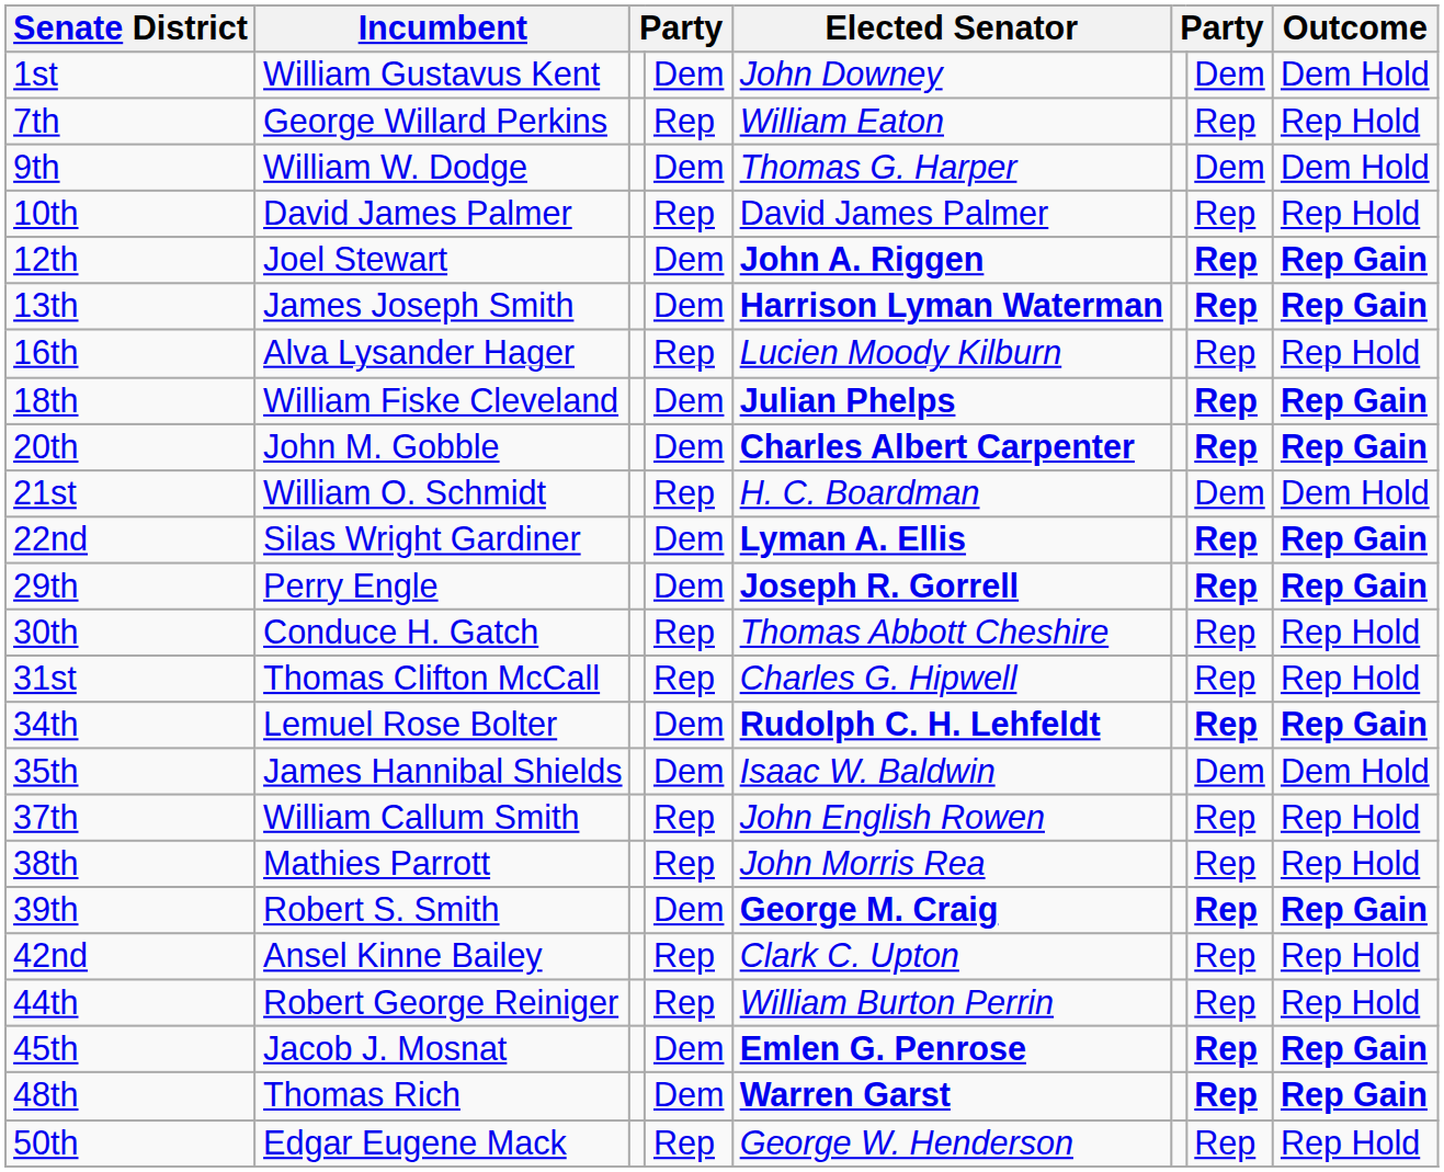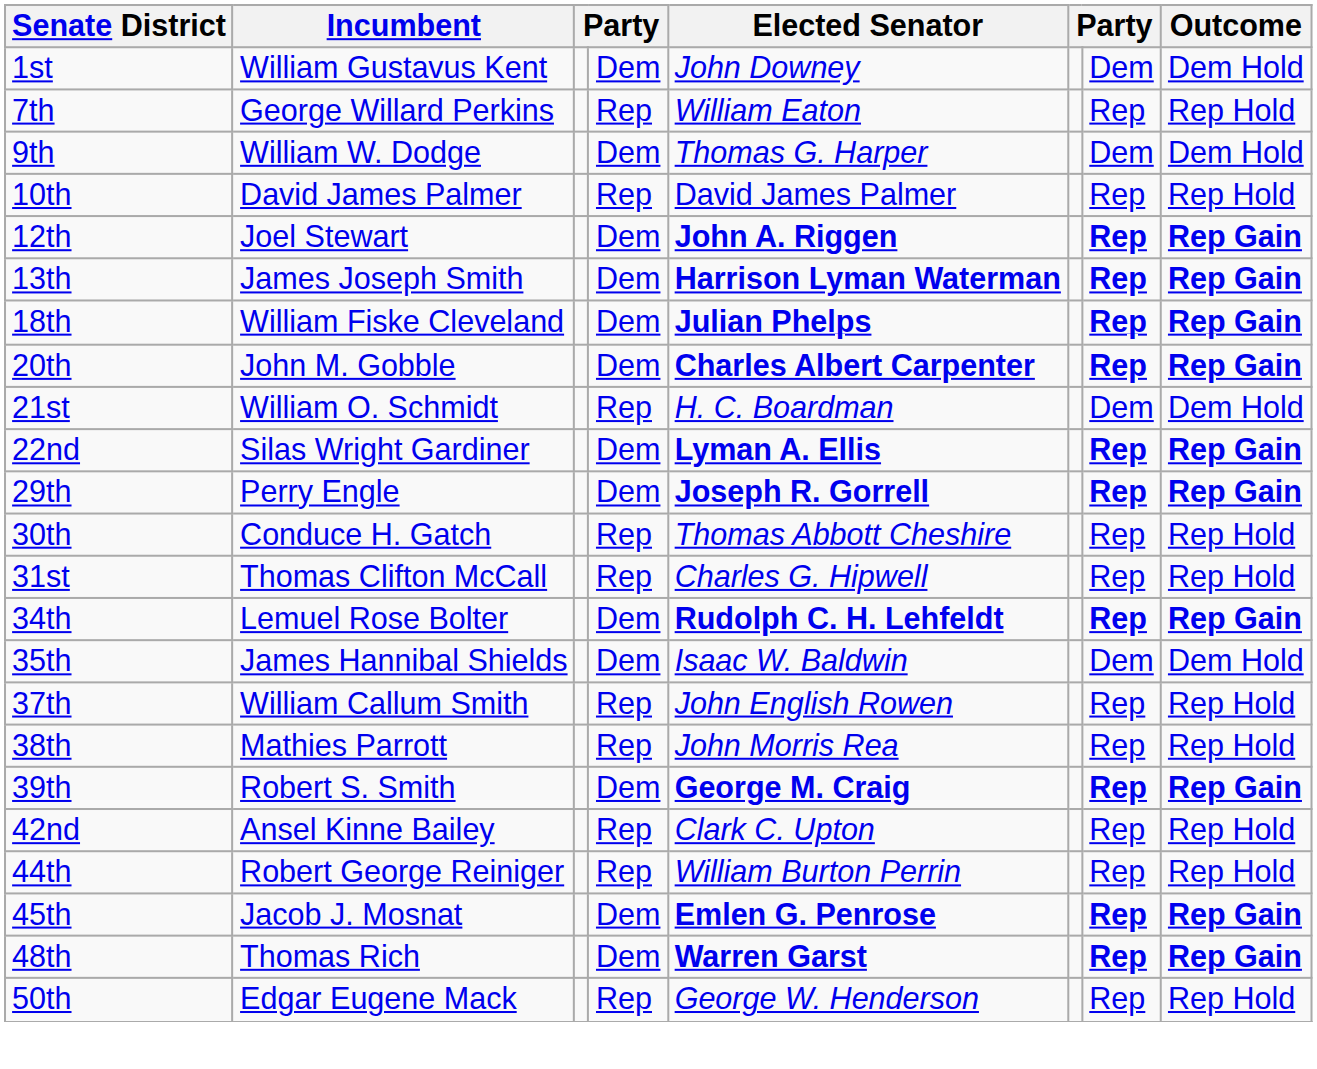 <table class="sortable wikitable" style="font-size:95%;line-height:14px;">
 <tr>
 <th class="sortable"><a href='#'>Senate</a> District</th>
 <th class="sortable"><a href='#'>Incumbent</a></th>
 <th colspan="2">Party</th>
 <th class="sortable">Elected Senator</th>
 <th colspan="2">Party</th>
 <th class="sortable">Outcome</th>
 </tr>
 <tr>
 <td><a href='#'>1st</a></td>
 <td><a href='#'>William Gustavus Kent</a></td>
 <td style="background:"></td>
 <td><a href='#'>Dem</a></td>
 <td><em><a href='#'>John Downey</a></em></td>
 <td style="background:"></td>
 <td><a href='#'>Dem</a></td>
 <td><a href='#'>Dem Hold</a></td>
 </tr>
 <tr>
 <td><a href='#'>7th</a></td>
 <td><a href='#'>George Willard Perkins</a></td>
 <td style="background:"></td>
 <td><a href='#'>Rep</a></td>
 <td><em><a href='#'>William Eaton</a></em></td>
 <td style="background:"></td>
 <td><a href='#'>Rep</a></td>
 <td><a href='#'>Rep Hold</a></td>
 </tr>
 <tr>
 <td><a href='#'>9th</a></td>
 <td><a href='#'>William W. Dodge</a></td>
 <td style="background:"></td>
 <td><a href='#'>Dem</a></td>
 <td><em><a href='#'>Thomas G. Harper</a></em></td>
 <td style="background:"></td>
 <td><a href='#'>Dem</a></td>
 <td><a href='#'>Dem Hold</a></td>
 </tr>
 <tr>
 <td><a href='#'>10th</a></td>
 <td><a href='#'>David James Palmer</a></td>
 <td style="background:"></td>
 <td><a href='#'>Rep</a></td>
 <td><a href='#'>David James Palmer</a></td>
 <td style="background:"></td>
 <td><a href='#'>Rep</a></td>
 <td><a href='#'>Rep Hold</a></td>
 </tr>
 <tr>
 <td><a href='#'>12th</a></td>
 <td><a href='#'>Joel Stewart</a></td>
 <td style="background:"></td>
 <td><a href='#'>Dem</a></td>
 <td><strong><a href='#'>John A. Riggen</a></strong></td>
 <td style="background:"></td>
 <td><strong><a href='#'>Rep</a></strong></td>
 <td><strong><a href='#'>Rep Gain</a></strong></td>
 </tr>
 <tr>
 <td><a href='#'>13th</a></td>
 <td><a href='#'>James Joseph Smith</a></td>
 <td style="background:"></td>
 <td><a href='#'>Dem</a></td>
 <td><strong><a href='#'>Harrison Lyman Waterman</a></strong></td>
 <td style="background:"></td>
 <td><strong><a href='#'>Rep</a></strong></td>
 <td><strong><a href='#'>Rep Gain</a></strong></td>
-</tr>
-<tr>
-<td><a href='#'>16th</a></td>
-<td><a href='#'>Alva Lysander Hager</a></td>
-<td style="background:"></td>
-<td><a href='#'>Rep</a></td>
-<td><em><a href='#'>Lucien Moody Kilburn</a></em></td>
-<td style="background:"></td>
-<td><a href='#'>Rep</a></td>
-<td><a href='#'>Rep Hold</a></td>
 </tr>
 <tr>
 <td><a href='#'>18th</a></td>
 <td><a href='#'>William Fiske Cleveland</a></td>
 <td style="background:"></td>
 <td><a href='#'>Dem</a></td>
 <td><strong><a href='#'>Julian Phelps</a></strong></td>
 <td style="background:"></td>
 <td><strong><a href='#'>Rep</a></strong></td>
 <td><strong><a href='#'>Rep Gain</a></strong></td>
 </tr>
 <tr>
 <td><a href='#'>20th</a></td>
 <td><a href='#'>John M. Gobble</a></td>
 <td style="background:"></td>
 <td><a href='#'>Dem</a></td>
 <td><strong><a href='#'>Charles Albert Carpenter</a></strong></td>
 <td style="background:"></td>
 <td><strong><a href='#'>Rep</a></strong></td>
 <td><strong><a href='#'>Rep Gain</a></strong></td>
 </tr>
 <tr>
 <td><a href='#'>21st</a></td>
 <td><a href='#'>William O. Schmidt</a></td>
 <td style="background:"></td>
 <td><a href='#'>Rep</a></td>
 <td><em><a href='#'>H. C. Boardman</a></em></td>
 <td style="background:"></td>
 <td><a href='#'>Dem</a></td>
 <td><a href='#'>Dem Hold</a></td>
 </tr>
 <tr>
 <td><a href='#'>22nd</a></td>
 <td><a href='#'>Silas Wright Gardiner</a></td>
 <td style="background:"></td>
 <td><a href='#'>Dem</a></td>
 <td><strong><a href='#'>Lyman A. Ellis</a></strong></td>
 <td style="background:"></td>
 <td><strong><a href='#'>Rep</a></strong></td>
 <td><strong><a href='#'>Rep Gain</a></strong></td>
 </tr>
 <tr>
 <td><a href='#'>29th</a></td>
 <td><a href='#'>Perry Engle</a></td>
 <td style="background:"></td>
 <td><a href='#'>Dem</a></td>
 <td><strong><a href='#'>Joseph R. Gorrell</a></strong></td>
 <td style="background:"></td>
 <td><strong><a href='#'>Rep</a></strong></td>
 <td><strong><a href='#'>Rep Gain</a></strong></td>
 </tr>
 <tr>
 <td><a href='#'>30th</a></td>
 <td><a href='#'>Conduce H. Gatch</a></td>
 <td style="background:"></td>
 <td><a href='#'>Rep</a></td>
 <td><em><a href='#'>Thomas Abbott Cheshire</a></em></td>
 <td style="background:"></td>
 <td><a href='#'>Rep</a></td>
 <td><a href='#'>Rep Hold</a></td>
 </tr>
 <tr>
 <td><a href='#'>31st</a></td>
 <td><a href='#'>Thomas Clifton McCall</a></td>
 <td style="background:"></td>
 <td><a href='#'>Rep</a></td>
 <td><em><a href='#'>Charles G. Hipwell</a></em></td>
 <td style="background:"></td>
 <td><a href='#'>Rep</a></td>
 <td><a href='#'>Rep Hold</a></td>
 </tr>
 <tr>
 <td><a href='#'>34th</a></td>
 <td><a href='#'>Lemuel Rose Bolter</a></td>
 <td style="background:"></td>
 <td><a href='#'>Dem</a></td>
 <td><strong><a href='#'>Rudolph C. H. Lehfeldt</a></strong></td>
 <td style="background:"></td>
 <td><strong><a href='#'>Rep</a></strong></td>
 <td><strong><a href='#'>Rep Gain</a></strong></td>
 </tr>
 <tr>
 <td><a href='#'>35th</a></td>
 <td><a href='#'>James Hannibal Shields</a></td>
 <td style="background:"></td>
 <td><a href='#'>Dem</a></td>
 <td><em><a href='#'>Isaac W. Baldwin</a></em></td>
 <td style="background:"></td>
 <td><a href='#'>Dem</a></td>
 <td><a href='#'>Dem Hold</a></td>
 </tr>
 <tr>
 <td><a href='#'>37th</a></td>
 <td><a href='#'>William Callum Smith</a></td>
 <td style="background:"></td>
 <td><a href='#'>Rep</a></td>
 <td><em><a href='#'>John English Rowen</a></em></td>
 <td style="background:"></td>
 <td><a href='#'>Rep</a></td>
 <td><a href='#'>Rep Hold</a></td>
 </tr>
 <tr>
 <td><a href='#'>38th</a></td>
 <td><a href='#'>Mathies Parrott</a></td>
 <td style="background:"></td>
 <td><a href='#'>Rep</a></td>
 <td><em><a href='#'>John Morris Rea</a></em></td>
 <td style="background:"></td>
 <td><a href='#'>Rep</a></td>
 <td><a href='#'>Rep Hold</a></td>
 </tr>
 <tr>
 <td><a href='#'>39th</a></td>
 <td><a href='#'>Robert S. Smith</a></td>
 <td style="background:"></td>
 <td><a href='#'>Dem</a></td>
 <td><strong><a href='#'>George M. Craig</a></strong></td>
 <td style="background:"></td>
 <td><strong><a href='#'>Rep</a></strong></td>
 <td><strong><a href='#'>Rep Gain</a></strong></td>
 </tr>
 <tr>
 <td><a href='#'>42nd</a></td>
 <td><a href='#'>Ansel Kinne Bailey</a></td>
 <td style="background:"></td>
 <td><a href='#'>Rep</a></td>
 <td><em><a href='#'>Clark C. Upton</a></em></td>
 <td style="background:"></td>
 <td><a href='#'>Rep</a></td>
 <td><a href='#'>Rep Hold</a></td>
 </tr>
 <tr>
 <td><a href='#'>44th</a></td>
 <td><a href='#'>Robert George Reiniger</a></td>
 <td style="background:"></td>
 <td><a href='#'>Rep</a></td>
 <td><em><a href='#'>William Burton Perrin</a></em></td>
 <td style="background:"></td>
 <td><a href='#'>Rep</a></td>
 <td><a href='#'>Rep Hold</a></td>
 </tr>
 <tr>
 <td><a href='#'>45th</a></td>
 <td><a href='#'>Jacob J. Mosnat</a></td>
 <td style="background:"></td>
 <td><a href='#'>Dem</a></td>
 <td><strong><a href='#'>Emlen G. Penrose</a></strong></td>
 <td style="background:"></td>
 <td><strong><a href='#'>Rep</a></strong></td>
 <td><strong><a href='#'>Rep Gain</a></strong></td>
 </tr>
 <tr>
 <td><a href='#'>48th</a></td>
 <td><a href='#'>Thomas Rich</a></td>
 <td style="background:"></td>
 <td><a href='#'>Dem</a></td>
 <td><strong><a href='#'>Warren Garst</a></strong></td>
 <td style="background:"></td>
 <td><strong><a href='#'>Rep</a></strong></td>
 <td><strong><a href='#'>Rep Gain</a></strong></td>
 </tr>
 <tr>
 <td><a href='#'>50th</a></td>
 <td><a href='#'>Edgar Eugene Mack</a></td>
 <td style="background:"></td>
 <td><a href='#'>Rep</a></td>
 <td><em><a href='#'>George W. Henderson</a></em></td>
 <td style="background:"></td>
 <td><a href='#'>Rep</a></td>
 <td><a href='#'>Rep Hold</a></td>
 </tr>
 <tr>
 </tr>
 </table>
